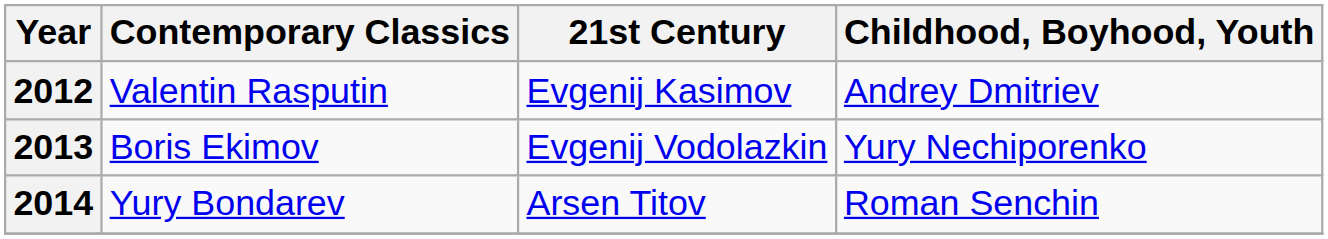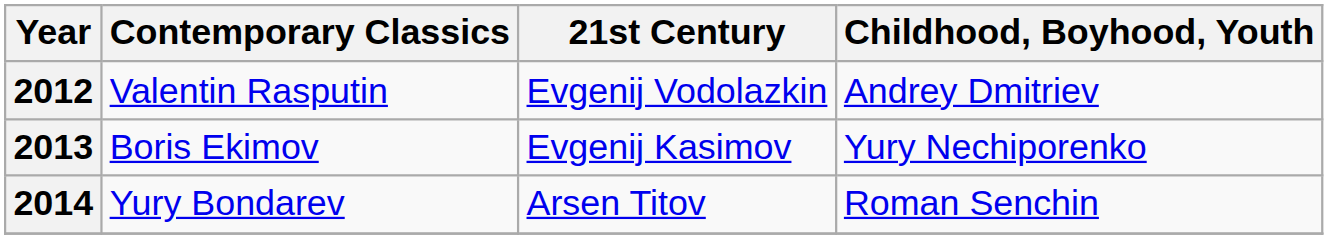 <table class="wikitable">
 <tr>
 <th>Year</th>
 <th>Contemporary Classics</th>
 <th>21st Century</th>
 <th>Childhood, Boyhood, Youth</th>
 </tr>
 <tr>
 <th>2012</th>
 <td><a href='#'>Valentin Rasputin</a></td>
-<td><a href='#'>Evgenij Kasimov</a></td>
+<td><a href='#'>Evgenij Vodolazkin</a></td>
 <td><a href='#'>Andrey Dmitriev</a></td>
 </tr>
 <tr>
 <th>2013</th>
 <td><a href='#'>Boris Ekimov</a></td>
-<td><a href='#'>Evgenij Vodolazkin</a></td>
+<td><a href='#'>Evgenij Kasimov</a></td>
 <td><a href='#'>Yury Nechiporenko</a></td>
 </tr>
 <tr>
 <th>2014</th>
 <td><a href='#'>Yury Bondarev</a></td>
 <td><a href='#'>Arsen Titov</a></td>
 <td><a href='#'>Roman Senchin</a></td>
 </tr>
 <tr>
 </tr>
 </table>
